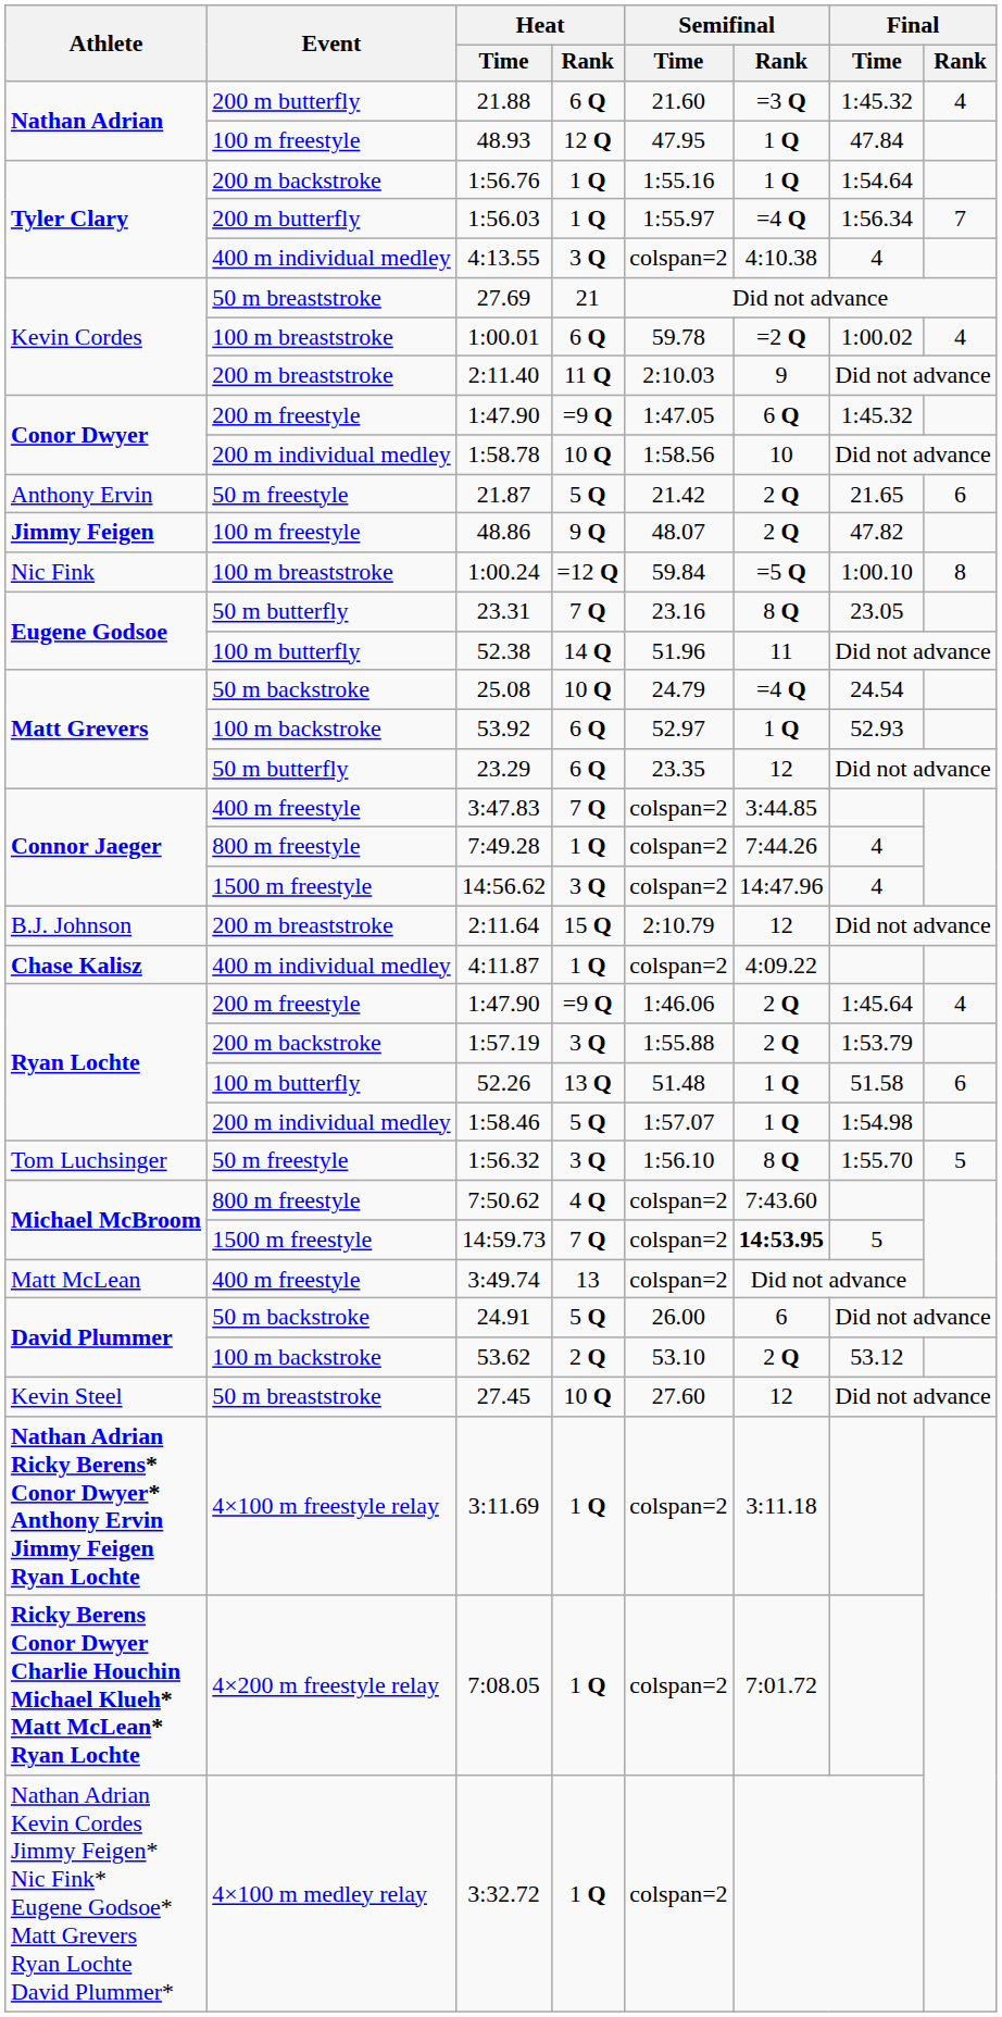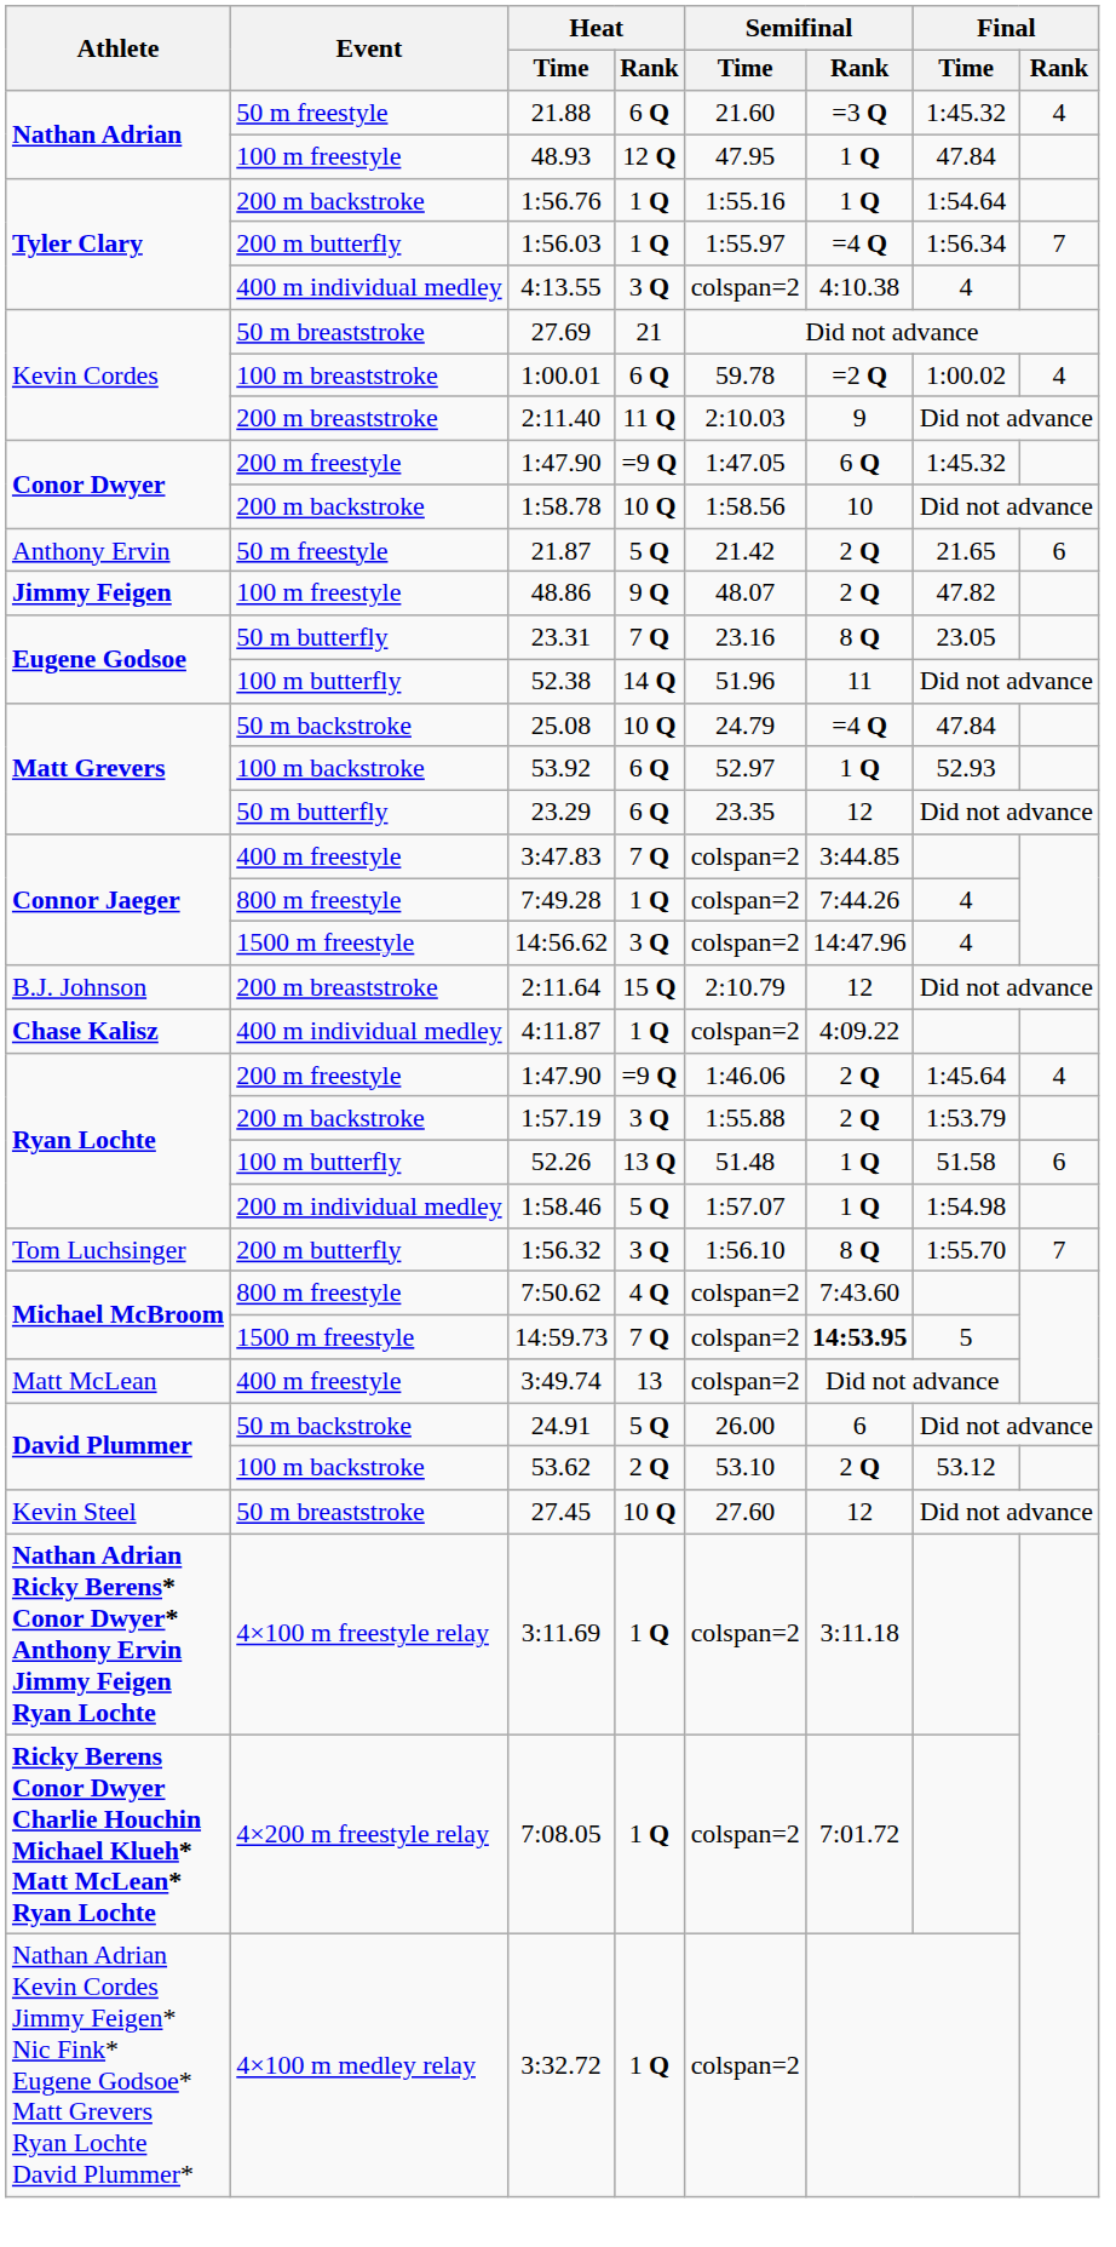 <table class=wikitable style="font-size:90%">
 <tr>
 <th rowspan="2">Athlete</th>
 <th rowspan="2">Event</th>
 <th colspan="2">Heat</th>
 <th colspan="2">Semifinal</th>
 <th colspan="2">Final</th>
 </tr>
 <tr style="font-size:95%">
 <th>Time</th>
 <th>Rank</th>
 <th>Time</th>
 <th>Rank</th>
 <th>Time</th>
 <th>Rank</th>
 </tr>
 <tr align=center>
 <td align=left rowspan=2><strong><a href='#'>Nathan Adrian</a></strong></td>
-<td align=left><a href='#'>200 m butterfly</a></td>
+<td align=left><a href='#'>50 m freestyle</a></td>
 <td>21.88</td>
 <td>6 <strong>Q</strong></td>
 <td>21.60</td>
 <td>=3 <strong>Q</strong></td>
 <td>1:45.32</td>
 <td>4</td>
 </tr>
 <tr align=center>
 <td align=left><a href='#'>100 m freestyle</a></td>
 <td>48.93</td>
 <td>12 <strong>Q</strong></td>
 <td>47.95</td>
 <td>1 <strong>Q</strong></td>
 <td>47.84</td>
 <td></td>
 </tr>
 <tr align=center>
 <td align=left rowspan=3><strong><a href='#'>Tyler Clary</a></strong></td>
 <td align=left><a href='#'>200 m backstroke</a></td>
 <td>1:56.76</td>
 <td>1 <strong>Q</strong></td>
 <td>1:55.16</td>
 <td>1 <strong>Q</strong></td>
 <td>1:54.64</td>
 <td></td>
 </tr>
 <tr align=center>
 <td align=left><a href='#'>200 m butterfly</a></td>
 <td>1:56.03</td>
 <td>1 <strong>Q</strong></td>
 <td>1:55.97</td>
 <td>=4 <strong>Q</strong></td>
 <td>1:56.34</td>
 <td>7</td>
 </tr>
 <tr align=center>
 <td align=left><a href='#'>400 m individual medley</a></td>
 <td>4:13.55</td>
 <td>3 <strong>Q</strong></td>
 <td>colspan=2 </td>
 <td>4:10.38</td>
 <td>4</td>
 </tr>
 <tr align=center>
 <td align=left rowspan=3><a href='#'>Kevin Cordes</a></td>
 <td align=left><a href='#'>50 m breaststroke</a></td>
 <td>27.69</td>
 <td>21</td>
 <td colspan=4>Did not advance</td>
 </tr>
 <tr align=center>
 <td align=left><a href='#'>100 m breaststroke</a></td>
 <td>1:00.01</td>
 <td>6 <strong>Q</strong></td>
 <td>59.78</td>
 <td>=2 <strong>Q</strong></td>
 <td>1:00.02</td>
 <td>4</td>
 </tr>
 <tr align=center>
 <td align=left><a href='#'>200 m breaststroke</a></td>
 <td>2:11.40</td>
 <td>11 <strong>Q</strong></td>
 <td>2:10.03</td>
 <td>9</td>
 <td colspan=2>Did not advance</td>
 </tr>
 <tr align=center>
 <td align=left rowspan=2><strong><a href='#'>Conor Dwyer</a></strong></td>
 <td align=left><a href='#'>200 m freestyle</a></td>
 <td>1:47.90</td>
 <td>=9 <strong>Q</strong></td>
 <td>1:47.05</td>
 <td>6 <strong>Q</strong></td>
 <td>1:45.32</td>
 <td></td>
 </tr>
 <tr align=center>
-<td align=left><a href='#'>200 m individual medley</a></td>
+<td align=left><a href='#'>200 m backstroke</a></td>
 <td>1:58.78</td>
 <td>10 <strong>Q</strong></td>
 <td>1:58.56</td>
 <td>10</td>
 <td colspan=2>Did not advance</td>
 </tr>
 <tr align=center>
 <td align=left><a href='#'>Anthony Ervin</a></td>
 <td align=left><a href='#'>50 m freestyle</a></td>
 <td>21.87</td>
 <td>5 <strong>Q</strong></td>
 <td>21.42</td>
 <td>2 <strong>Q</strong></td>
 <td>21.65</td>
 <td>6</td>
 </tr>
 <tr align=center>
 <td align=left><strong><a href='#'>Jimmy Feigen</a></strong></td>
 <td align=left><a href='#'>100 m freestyle</a></td>
 <td>48.86</td>
 <td>9 <strong>Q</strong></td>
 <td>48.07</td>
 <td>2 <strong>Q</strong></td>
 <td>47.82</td>
 <td></td>
 </tr>
 <tr align=center>
-<td align=left><a href='#'>Nic Fink</a></td>
-<td align=left><a href='#'>100 m breaststroke</a></td>
-<td>1:00.24</td>
-<td>=12 <strong>Q</strong></td>
-<td>59.84</td>
-<td>=5 <strong>Q</strong></td>
-<td>1:00.10</td>
-<td>8</td>
-</tr>
-<tr align=center>
 <td align=left rowspan=2><strong><a href='#'>Eugene Godsoe</a></strong></td>
 <td align=left><a href='#'>50 m butterfly</a></td>
 <td>23.31</td>
 <td>7 <strong>Q</strong></td>
 <td>23.16</td>
 <td>8 <strong>Q</strong></td>
 <td>23.05</td>
 <td></td>
 </tr>
 <tr align=center>
 <td align=left><a href='#'>100 m butterfly</a></td>
 <td>52.38</td>
 <td>14 <strong>Q</strong></td>
 <td>51.96</td>
 <td>11</td>
 <td colspan=2>Did not advance</td>
 </tr>
 <tr align=center>
 <td align=left rowspan=3><strong><a href='#'>Matt Grevers</a></strong></td>
 <td align=left><a href='#'>50 m backstroke</a></td>
 <td>25.08</td>
 <td>10 <strong>Q</strong></td>
 <td>24.79</td>
 <td>=4 <strong>Q</strong></td>
-<td>24.54</td>
+<td>47.84</td>
 <td></td>
 </tr>
 <tr align=center>
 <td align=left><a href='#'>100 m backstroke</a></td>
 <td>53.92</td>
 <td>6 <strong>Q</strong></td>
 <td>52.97</td>
 <td>1 <strong>Q</strong></td>
 <td>52.93</td>
 <td></td>
 </tr>
 <tr align=center>
 <td align=left><a href='#'>50 m butterfly</a></td>
 <td>23.29</td>
 <td>6 <strong>Q</strong></td>
 <td>23.35</td>
 <td>12</td>
 <td colspan=2>Did not advance</td>
 </tr>
 <tr align=center>
 <td align=left rowspan=3><strong><a href='#'>Connor Jaeger</a></strong></td>
 <td align=left><a href='#'>400 m freestyle</a></td>
 <td>3:47.83</td>
 <td>7 <strong>Q</strong></td>
 <td>colspan=2 </td>
 <td>3:44.85</td>
 <td></td>
 </tr>
 <tr align=center>
 <td align=left><a href='#'>800 m freestyle</a></td>
 <td>7:49.28</td>
 <td>1 <strong>Q</strong></td>
 <td>colspan=2 </td>
 <td>7:44.26</td>
 <td>4</td>
 </tr>
 <tr align=center>
 <td align=left><a href='#'>1500 m freestyle</a></td>
 <td>14:56.62</td>
 <td>3 <strong>Q</strong></td>
 <td>colspan=2 </td>
 <td>14:47.96</td>
 <td>4</td>
 </tr>
 <tr align=center>
 <td align=left><a href='#'>B.J. Johnson</a></td>
 <td align=left><a href='#'>200 m breaststroke</a></td>
 <td>2:11.64</td>
 <td>15 <strong>Q</strong></td>
 <td>2:10.79</td>
 <td>12</td>
 <td colspan=2>Did not advance</td>
 </tr>
 <tr align=center>
 <td align=left><strong><a href='#'>Chase Kalisz</a></strong></td>
 <td align=left><a href='#'>400 m individual medley</a></td>
 <td>4:11.87</td>
 <td>1 <strong>Q</strong></td>
 <td>colspan=2 </td>
 <td>4:09.22</td>
 <td></td>
 </tr>
 <tr align=center>
 <td align=left rowspan=4><strong><a href='#'>Ryan Lochte</a></strong></td>
 <td align=left><a href='#'>200 m freestyle</a></td>
 <td>1:47.90</td>
 <td>=9 <strong>Q</strong></td>
 <td>1:46.06</td>
 <td>2 <strong>Q</strong></td>
 <td>1:45.64</td>
 <td>4</td>
 </tr>
 <tr align=center>
 <td align=left><a href='#'>200 m backstroke</a></td>
 <td>1:57.19</td>
 <td>3 <strong>Q</strong></td>
 <td>1:55.88</td>
 <td>2 <strong>Q</strong></td>
 <td>1:53.79</td>
 <td></td>
 </tr>
 <tr align=center>
 <td align=left><a href='#'>100 m butterfly</a></td>
 <td>52.26</td>
 <td>13 <strong>Q</strong></td>
 <td>51.48</td>
 <td>1 <strong>Q</strong></td>
 <td>51.58</td>
 <td>6</td>
 </tr>
 <tr align=center>
 <td align=left><a href='#'>200 m individual medley</a></td>
 <td>1:58.46</td>
 <td>5 <strong>Q</strong></td>
 <td>1:57.07</td>
 <td>1 <strong>Q</strong></td>
 <td>1:54.98</td>
 <td></td>
 </tr>
 <tr align=center>
 <td align=left><a href='#'>Tom Luchsinger</a></td>
-<td align=left><a href='#'>50 m freestyle</a></td>
+<td align=left><a href='#'>200 m butterfly</a></td>
 <td>1:56.32</td>
 <td>3 <strong>Q</strong></td>
 <td>1:56.10</td>
 <td>8 <strong>Q</strong></td>
 <td>1:55.70</td>
-<td>5</td>
+<td>7</td>
 </tr>
 <tr align=center>
 <td align=left rowspan=2><strong><a href='#'>Michael McBroom</a></strong></td>
 <td align=left><a href='#'>800 m freestyle</a></td>
 <td>7:50.62</td>
 <td>4 <strong>Q</strong></td>
 <td>colspan=2 </td>
 <td>7:43.60</td>
 <td></td>
 </tr>
 <tr align=center>
 <td align=left><a href='#'>1500 m freestyle</a></td>
 <td>14:59.73</td>
 <td>7 <strong>Q</strong></td>
 <td>colspan=2 </td>
 <td><strong>14:53.95</strong></td>
 <td>5</td>
 </tr>
 <tr align=center>
 <td align=left><a href='#'>Matt McLean</a></td>
 <td align=left><a href='#'>400 m freestyle</a></td>
 <td>3:49.74</td>
 <td>13</td>
 <td>colspan=2 </td>
 <td colspan=2>Did not advance</td>
 </tr>
 <tr align=center>
 <td align=left rowspan=2><strong><a href='#'>David Plummer</a></strong></td>
 <td align=left><a href='#'>50 m backstroke</a></td>
 <td>24.91</td>
 <td>5 <strong>Q</strong></td>
 <td>26.00</td>
 <td>6</td>
 <td colspan=2>Did not advance</td>
 </tr>
 <tr align=center>
 <td align=left><a href='#'>100 m backstroke</a></td>
 <td>53.62</td>
 <td>2 <strong>Q</strong></td>
 <td>53.10</td>
 <td>2 <strong>Q</strong></td>
 <td>53.12</td>
 <td></td>
 </tr>
 <tr align=center>
 <td align=left><a href='#'>Kevin Steel</a></td>
 <td align=left><a href='#'>50 m breaststroke</a></td>
 <td>27.45</td>
 <td>10 <strong>Q</strong></td>
 <td>27.60</td>
 <td>12</td>
 <td colspan=2>Did not advance</td>
 </tr>
 <tr align=center>
 <td align=left><strong><a href='#'>Nathan Adrian</a><br><a href='#'>Ricky Berens</a>*<br><a href='#'>Conor Dwyer</a>*<br><a href='#'>Anthony Ervin</a><br><a href='#'>Jimmy Feigen</a><br><a href='#'>Ryan Lochte</a></strong></td>
 <td align=left><a href='#'>4×100 m freestyle relay</a></td>
 <td>3:11.69</td>
 <td>1 <strong>Q</strong></td>
 <td>colspan=2 </td>
 <td>3:11.18</td>
 <td></td>
 </tr>
 <tr align=center>
 <td align=left><strong><a href='#'>Ricky Berens</a><br><a href='#'>Conor Dwyer</a><br><a href='#'>Charlie Houchin</a><br><a href='#'>Michael Klueh</a>*<br><a href='#'>Matt McLean</a>*<br><a href='#'>Ryan Lochte</a></strong></td>
 <td align=left><a href='#'>4×200 m freestyle relay</a></td>
 <td>7:08.05</td>
 <td>1 <strong>Q</strong></td>
 <td>colspan=2 </td>
 <td>7:01.72</td>
 <td></td>
 </tr>
 <tr align=center>
 <td align=left><a href='#'>Nathan Adrian</a><br><a href='#'>Kevin Cordes</a><br><a href='#'>Jimmy Feigen</a>*<br><a href='#'>Nic Fink</a>*<br><a href='#'>Eugene Godsoe</a>*<br><a href='#'>Matt Grevers</a><br><a href='#'>Ryan Lochte</a><br><a href='#'>David Plummer</a>*</td>
 <td align=left><a href='#'>4×100 m medley relay</a></td>
 <td>3:32.72</td>
 <td>1 <strong>Q</strong></td>
 <td>colspan=2 </td>
 <td colspan=2></td>
 </tr>
 </table>
